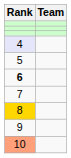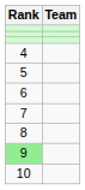 <table class="wikitable">
 <tr>
 <th>Rank</th>
 <th>Team</th>
 </tr>
 <tr bgcolor=ccffcc>
 <td align=center></td>
 <td></td>
 </tr>
 <tr bgcolor=ccffcc>
 <td align=center></td>
 <td></td>
 </tr>
 <tr bgcolor=ccffcc>
 <td align=center></td>
 <td></td>
 </tr>
 <tr>
-<td align=center style="background: lavender;">4</td>
+<td align=center>4</td>
 <td></td>
 </tr>
 <tr>
 <td align=center>5</td>
 <td></td>
 </tr>
 <tr>
-<td align=center><strong>6</strong></td>
+<td align=center>6</td>
 <td></td>
 </tr>
 <tr>
 <td align=center>7</td>
 <td></td>
 </tr>
 <tr>
-<td align=center style="background: gold;">8</td>
+<td align=center>8</td>
 <td></td>
 </tr>
 <tr>
-<td align=center>9</td>
+<td align=center style="background: lightgreen;">9</td>
 <td></td>
 </tr>
 <tr>
-<td align=center style="background: lightsalmon;">10</td>
+<td align=center>10</td>
 <td></td>
 </tr>
 </table>
